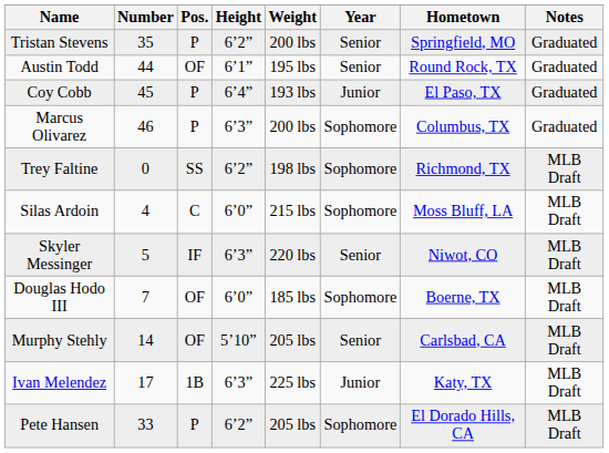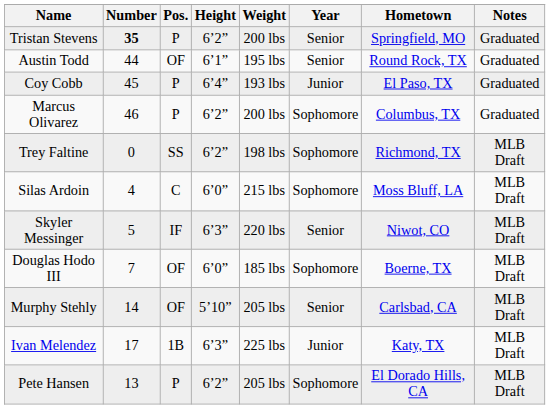 <table class="wikitable sortable">
 <tr>
 </tr>
 <tr>
 <th style="text-align:center; ">Name</th>
 <th style="text-align:center; ">Number</th>
 <th style="text-align:center; ">Pos.</th>
 <th style="text-align:center; ">Height</th>
 <th style="text-align:center; ">Weight</th>
 <th style="text-align:center; ">Year</th>
 <th style="text-align:center; ">Hometown</th>
 <th style="text-align:center; ">Notes</th>
 </tr>
 <tr align="center"style="background:#eeeeee;">
 <td>Tristan Stevens</td>
-<td>35</td>
+<td><strong>35</strong></td>
 <td>P</td>
 <td>6’2”</td>
 <td>200 lbs</td>
 <td> Senior</td>
 <td><a href='#'>Springfield, MO</a></td>
 <td>Graduated</td>
 </tr>
 <tr align="center">
 <td>Austin Todd</td>
 <td>44</td>
 <td>OF</td>
 <td>6’1”</td>
 <td>195 lbs</td>
 <td> Senior</td>
 <td><a href='#'>Round Rock, TX</a></td>
 <td>Graduated</td>
 </tr>
 <tr align="center"style="background:#eeeeee;">
 <td>Coy Cobb</td>
 <td>45</td>
 <td>P</td>
 <td>6’4”</td>
 <td>193 lbs</td>
 <td> Junior</td>
 <td><a href='#'>El Paso, TX</a></td>
 <td>Graduated</td>
 </tr>
 <tr align="center">
 <td>Marcus Olivarez</td>
 <td>46</td>
 <td>P</td>
-<td>6’3”</td>
+<td>6’2”</td>
 <td>200 lbs</td>
 <td> Sophomore</td>
 <td><a href='#'>Columbus, TX</a></td>
 <td>Graduated</td>
 </tr>
 <tr align="center"style="background:#eeeeee;">
 <td>Trey Faltine</td>
 <td>0</td>
 <td>SS</td>
 <td>6’2”</td>
 <td>198 lbs</td>
 <td> Sophomore</td>
 <td><a href='#'>Richmond, TX</a></td>
 <td>MLB Draft</td>
 </tr>
 <tr align="center">
 <td>Silas Ardoin</td>
 <td>4</td>
 <td>C</td>
 <td>6’0”</td>
 <td>215 lbs</td>
 <td> Sophomore</td>
 <td><a href='#'>Moss Bluff, LA</a></td>
 <td>MLB Draft</td>
 </tr>
 <tr align="center" style="background:#eeeeee;">
 <td>Skyler Messinger</td>
 <td>5</td>
 <td>IF</td>
 <td>6’3”</td>
 <td>220 lbs</td>
 <td> Senior</td>
 <td><a href='#'>Niwot, CO</a></td>
 <td>MLB Draft</td>
 </tr>
 <tr align="center">
 <td>Douglas Hodo III</td>
 <td>7</td>
 <td>OF</td>
 <td>6’0”</td>
 <td>185 lbs</td>
 <td> Sophomore</td>
 <td><a href='#'>Boerne, TX</a></td>
 <td>MLB Draft</td>
 </tr>
 <tr align="center"style="background:#eeeeee;">
 <td>Murphy Stehly</td>
 <td>14</td>
 <td>OF</td>
 <td>5’10”</td>
 <td>205 lbs</td>
 <td> Senior</td>
 <td><a href='#'>Carlsbad, CA</a></td>
 <td>MLB Draft</td>
 </tr>
 <tr align="center">
 <td><a href='#'>Ivan Melendez</a></td>
 <td>17</td>
 <td>1B</td>
 <td>6’3”</td>
 <td>225 lbs</td>
 <td> Junior</td>
 <td><a href='#'>Katy, TX</a></td>
 <td>MLB Draft</td>
 </tr>
 <tr align="center"style="background:#eeeeee;">
 <td>Pete Hansen</td>
-<td>33</td>
+<td>13</td>
 <td>P</td>
 <td>6’2”</td>
 <td>205 lbs</td>
 <td> Sophomore</td>
 <td><a href='#'>El Dorado Hills, CA</a></td>
 <td>MLB Draft</td>
 </tr>
 </table>
